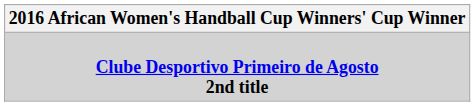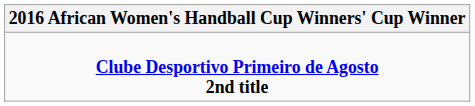 <table class=wikitable style="text-align:center; margin:auto">
 <tr>
 <th>2016 African Women's Handball Cup Winners' Cup Winner</th>
 </tr>
 <tr>
-<td style="background: lightgrey;"><br><strong><a href='#'>Clube Desportivo Primeiro de Agosto</a></strong><br><strong>2nd title</strong></td>
+<td><br><strong><a href='#'>Clube Desportivo Primeiro de Agosto</a></strong><br><strong>2nd title</strong></td>
 </tr>
 </table>
